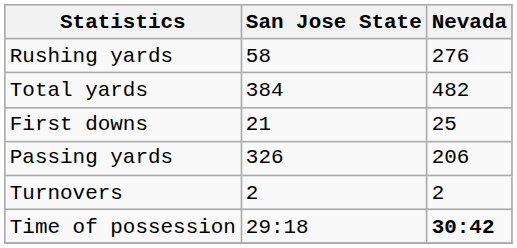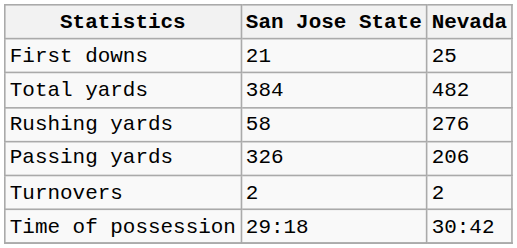 <table class="wikitable">
 <tr>
 <th>Statistics</th>
 <th>San Jose State</th>
 <th>Nevada</th>
 </tr>
 <tr>
-<td>Rushing yards</td>
-<td>58</td>
-<td>276</td>
+<td>First downs</td>
+<td>21</td>
+<td>25</td>
 </tr>
 <tr>
 <td>Total yards</td>
 <td>384</td>
 <td>482</td>
 </tr>
 <tr>
-<td>First downs</td>
-<td>21</td>
-<td>25</td>
+<td>Rushing yards</td>
+<td>58</td>
+<td>276</td>
 </tr>
 <tr>
 <td>Passing yards</td>
 <td>326</td>
 <td>206</td>
 </tr>
 <tr>
 <td>Turnovers</td>
 <td>2</td>
 <td>2</td>
 </tr>
 <tr>
 <td>Time of possession</td>
 <td>29:18</td>
-<td><strong>30:42</strong></td>
+<td>30:42</td>
 </tr>
 <tr>
 </tr>
 </table>
